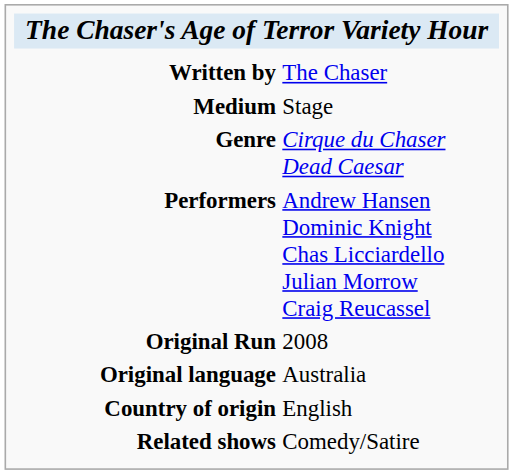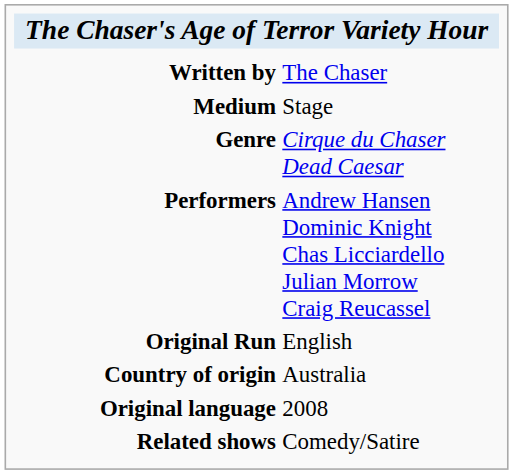 <table class="infobox" style="width:22em; text-align:left; font-size:90%" cellspacing="2">
 <tr>
 <th style="font-size:120%; background:#dbe9f4; text-align:center;" colspan="2"><em>The Chaser's Age of Terror Variety Hour</em></th>
 </tr>
 <tr>
 <td style="text-align: center;" colspan="2"></td>
 </tr>
 <tr>
 <th style="text-align: right; padding-left: 1em;">Written by</th>
 <td><a href='#'>The Chaser</a></td>
 </tr>
 <tr>
 <th style="text-align: right; padding-left: 1em;">Medium</th>
 <td>Stage</td>
 </tr>
 <tr>
 <th style="text-align: right; padding-left: 1em;">Genre</th>
 <td><em><a href='#'>Cirque du Chaser</a></em><br><em><a href='#'>Dead Caesar</a></em></td>
 </tr>
 <tr>
 <th style="text-align: right; padding-left: 1em;">Performers</th>
 <td><a href='#'>Andrew Hansen</a><br><a href='#'>Dominic Knight</a><br><a href='#'>Chas Licciardello</a><br><a href='#'>Julian Morrow</a><br><a href='#'>Craig Reucassel</a></td>
 </tr>
 <tr>
 <th style="text-align: right; padding-left: 1em;">Original Run</th>
-<td>2008</td>
+<td>English</td>
+</tr>
+<tr>
+<th style="text-align: right; padding-left: 1em;">Country of origin</th>
+<td>Australia</td>
 </tr>
 <tr>
 <th style="text-align: right; padding-left: 1em;">Original language</th>
-<td>Australia</td>
-</tr>
-<tr>
-<th style="text-align: right; padding-left: 1em;">Country of origin</th>
-<td>English</td>
+<td>2008</td>
 </tr>
 <tr>
 <th style="text-align: right; padding-left: 1em;">Related shows</th>
 <td>Comedy/Satire</td>
 </tr>
 <tr>
 </tr>
 </table>
